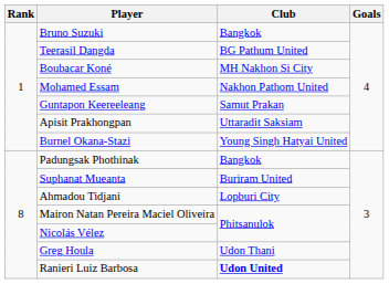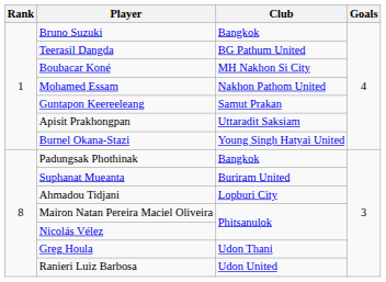 <table class="wikitable sortable" style="text-align:center">
 <tr>
 <th>Rank</th>
 <th>Player</th>
 <th>Club</th>
 <th>Goals</th>
 </tr>
 <tr>
 <td rowspan="7">1</td>
 <td align="left"> <a href='#'>Bruno Suzuki</a></td>
 <td align="left"><a href='#'>Bangkok</a></td>
 <td rowspan="7">4</td>
 </tr>
 <tr>
 <td align="left"> <a href='#'>Teerasil Dangda</a></td>
 <td align="left"><a href='#'>BG Pathum United</a></td>
 </tr>
 <tr>
 <td align="left"> <a href='#'>Boubacar Koné</a></td>
 <td align="left"><a href='#'>MH Nakhon Si City</a></td>
 </tr>
 <tr>
 <td align="left"> <a href='#'>Mohamed Essam</a></td>
 <td align="left"><a href='#'>Nakhon Pathom United</a></td>
 </tr>
 <tr>
 <td align="left"> <a href='#'>Guntapon Keereeleang</a></td>
 <td align="left"><a href='#'>Samut Prakan</a></td>
 </tr>
 <tr>
 <td align="left"> Apisit Prakhongpan</td>
 <td align="left"><a href='#'>Uttaradit Saksiam</a></td>
 </tr>
 <tr>
 <td align="left"> <a href='#'>Burnel Okana-Stazi</a></td>
 <td align="left"><a href='#'>Young Singh Hatyai United</a></td>
 </tr>
 <tr>
 <td rowspan="7">8</td>
 <td align="left"> Padungsak Phothinak</td>
 <td align="left"><a href='#'>Bangkok</a></td>
 <td rowspan="7">3</td>
 </tr>
 <tr>
 <td align="left"> <a href='#'>Suphanat Mueanta</a></td>
 <td align="left"><a href='#'>Buriram United</a></td>
 </tr>
 <tr>
 <td align="left"> Ahmadou Tidjani</td>
 <td align="left"><a href='#'>Lopburi City</a></td>
 </tr>
 <tr>
 <td align="left"> Mairon Natan Pereira Maciel Oliveira</td>
 <td align="left"rowspan="2"><a href='#'>Phitsanulok</a></td>
 </tr>
 <tr>
 <td align="left"> <a href='#'>Nicolás Vélez</a></td>
 </tr>
 <tr>
 <td align="left"> <a href='#'>Greg Houla</a></td>
 <td align="left"><a href='#'>Udon Thani</a></td>
 </tr>
 <tr>
 <td align="left"> Ranieri Luiz Barbosa</td>
-<td align="left"><strong><a href='#'>Udon United</a></strong></td>
+<td align="left"><a href='#'>Udon United</a></td>
 </tr>
 </table>
